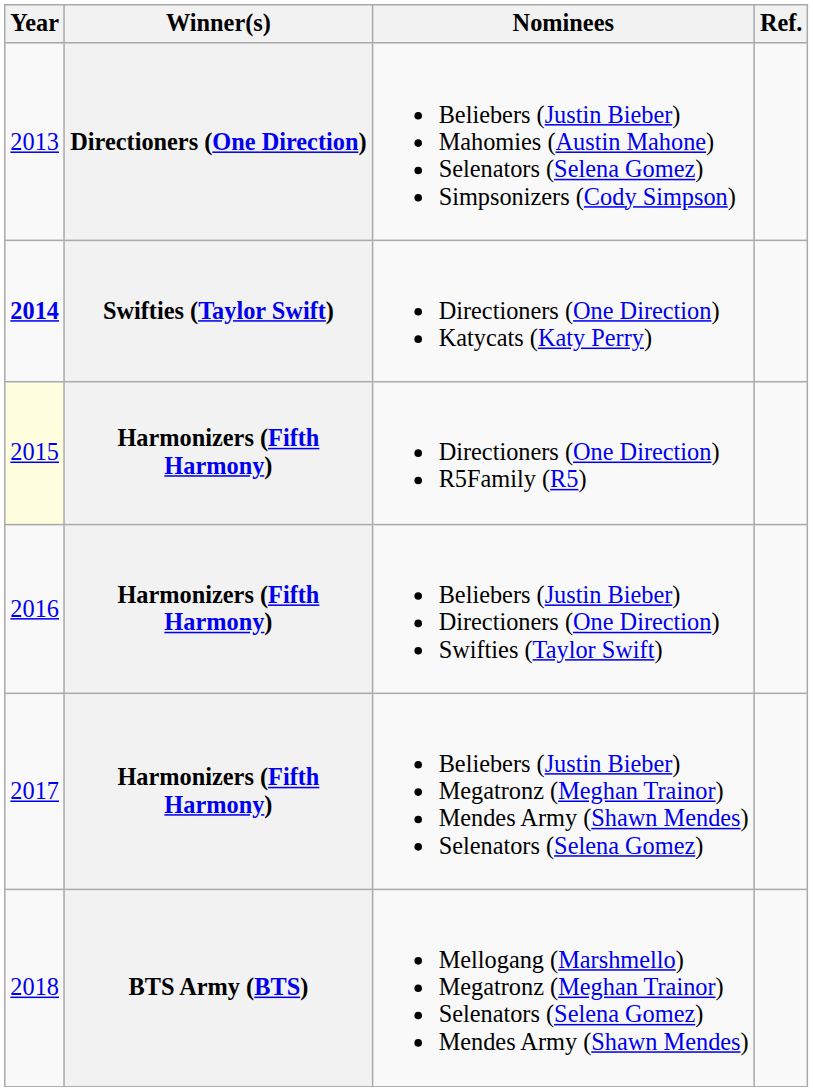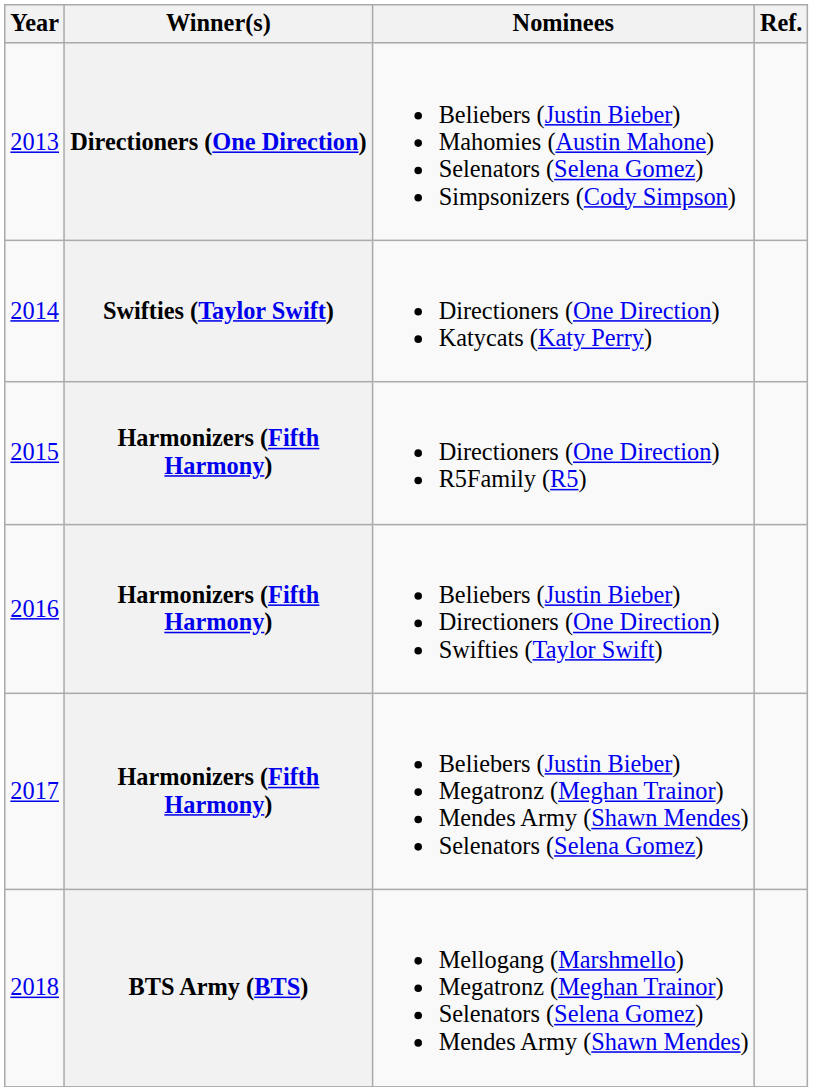 <table class="wikitable sortable">
 <tr>
 <th scope="col" style="width:5px;">Year</th>
 <th scope="col" style="width:195px;">Winner(s)</th>
 <th scope="col" class="unsortable">Nominees</th>
 <th scope="col" class="unsortable">Ref.</th>
 </tr>
 <tr>
 <td align="center"><a href='#'>2013</a></td>
 <th scope="row" align="center">Directioners (<a href='#'>One Direction</a>)</th>
 <td><br><ul><li>Beliebers (<a href='#'>Justin Bieber</a>)</li><li>Mahomies (<a href='#'>Austin Mahone</a>)</li><li>Selenators (<a href='#'>Selena Gomez</a>)</li><li>Simpsonizers (<a href='#'>Cody Simpson</a>)</li></ul></td>
 <td align="center"></td>
 </tr>
 <tr>
-<td align="center"><strong><a href='#'>2014</a></strong></td>
+<td align="center"><a href='#'>2014</a></td>
 <th scope="row" align="center">Swifties (<a href='#'>Taylor Swift</a>)</th>
 <td><br><ul><li>Directioners (<a href='#'>One Direction</a>)</li><li>Katycats (<a href='#'>Katy Perry</a>)</li></ul></td>
 <td align="center"></td>
 </tr>
 <tr>
-<td align="center" style="background: lightyellow;"><a href='#'>2015</a></td>
+<td align="center"><a href='#'>2015</a></td>
 <th scope="row" align="center">Harmonizers (<a href='#'>Fifth Harmony</a>)</th>
 <td><br><ul><li>Directioners (<a href='#'>One Direction</a>)</li><li>R5Family (<a href='#'>R5</a>)</li></ul></td>
 <td align="center"></td>
 </tr>
 <tr>
 <td align="center"><a href='#'>2016</a></td>
 <th scope="row" align="center">Harmonizers (<a href='#'>Fifth Harmony</a>)</th>
 <td><br><ul><li>Beliebers (<a href='#'>Justin Bieber</a>)</li><li>Directioners (<a href='#'>One Direction</a>)</li><li>Swifties (<a href='#'>Taylor Swift</a>)</li></ul></td>
 <td align="center"></td>
 </tr>
 <tr>
 <td align="center"><a href='#'>2017</a></td>
 <th scope="row" align="center">Harmonizers (<a href='#'>Fifth Harmony</a>)</th>
 <td><br><ul><li>Beliebers (<a href='#'>Justin Bieber</a>)</li><li>Megatronz (<a href='#'>Meghan Trainor</a>)</li><li>Mendes Army (<a href='#'>Shawn Mendes</a>)</li><li>Selenators (<a href='#'>Selena Gomez</a>)</li></ul></td>
 <td align="center"></td>
 </tr>
 <tr>
 <td align="center"><a href='#'>2018</a></td>
 <th scope="row" align="center">BTS Army (<a href='#'>BTS</a>)</th>
 <td><br><ul><li>Mellogang (<a href='#'>Marshmello</a>)</li><li>Megatronz (<a href='#'>Meghan Trainor</a>)</li><li>Selenators (<a href='#'>Selena Gomez</a>)</li><li>Mendes Army (<a href='#'>Shawn Mendes</a>)</li></ul></td>
 <td align="center"></td>
 </tr>
 <tr>
 </tr>
 </table>
